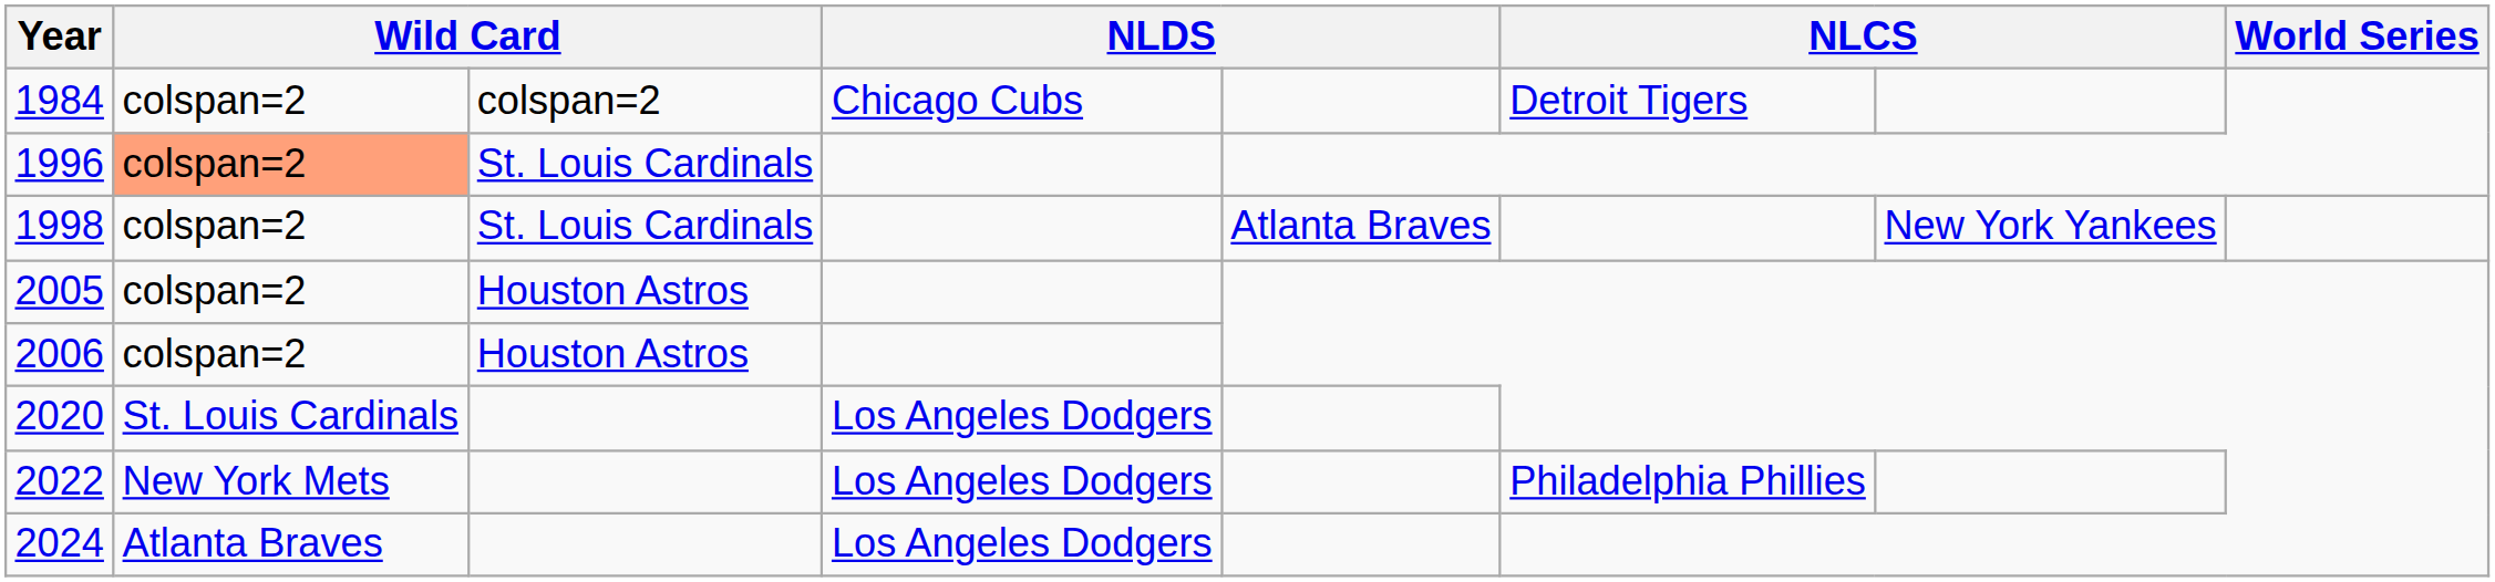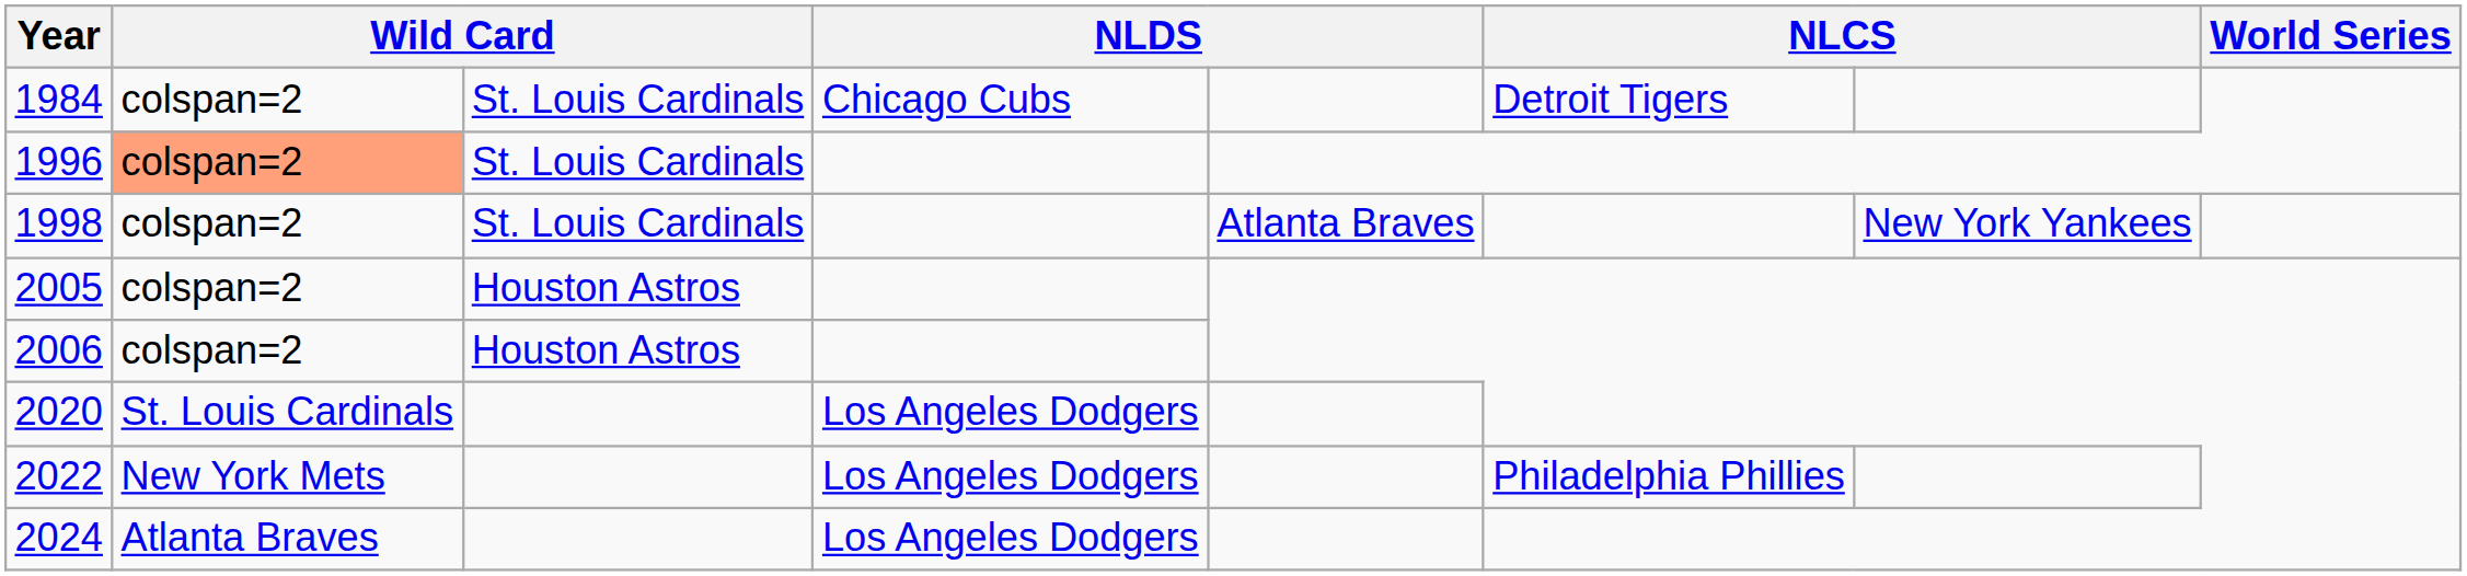 <table class="wikitable">
 <tr>
 <th>Year</th>
 <th colspan="2"><a href='#'><span>Wild Card</span></a> </th>
 <th colspan="2"><a href='#'><span>NLDS</span></a> </th>
 <th colspan="2"><a href='#'><span>NLCS</span></a></th>
 <th colspan="2"><a href='#'><span>World Series</span></a></th>
 </tr>
 <tr>
 <td align="center"><a href='#'>1984</a></td>
 <td>colspan=2 </td>
-<td>colspan=2 </td>
+<td><a href='#'>St. Louis Cardinals</a></td>
 <td><a href='#'>Chicago Cubs</a></td>
 <td></td>
 <td><a href='#'>Detroit Tigers</a></td>
 <td></td>
 </tr>
 <tr>
 <td align="center"><a href='#'>1996</a></td>
 <td style="background: lightsalmon;">colspan=2 </td>
 <td><a href='#'>St. Louis Cardinals</a></td>
 <td></td>
 </tr>
 <tr>
 <td align="center"><a href='#'>1998</a></td>
 <td>colspan=2 </td>
 <td><a href='#'>St. Louis Cardinals</a></td>
 <td></td>
 <td><a href='#'>Atlanta Braves</a></td>
 <td></td>
 <td><a href='#'>New York Yankees</a></td>
 <td></td>
 </tr>
 <tr>
 <td align="center"><a href='#'>2005</a></td>
 <td>colspan=2 </td>
 <td><a href='#'>Houston Astros</a></td>
 <td></td>
 </tr>
 <tr>
 <td align="center"><a href='#'>2006</a></td>
 <td>colspan=2 </td>
 <td><a href='#'>Houston Astros</a></td>
 <td></td>
 </tr>
 <tr>
 <td align="center"><a href='#'>2020</a></td>
 <td><a href='#'>St. Louis Cardinals</a></td>
 <td></td>
 <td><a href='#'>Los Angeles Dodgers</a></td>
 <td></td>
 </tr>
 <tr>
 <td align="center"><a href='#'>2022</a></td>
 <td><a href='#'>New York Mets</a></td>
 <td></td>
 <td><a href='#'>Los Angeles Dodgers</a></td>
 <td></td>
 <td><a href='#'>Philadelphia Phillies</a></td>
 <td></td>
 </tr>
 <tr>
 <td align="center"><a href='#'>2024</a></td>
 <td><a href='#'>Atlanta Braves</a></td>
 <td></td>
 <td><a href='#'>Los Angeles Dodgers</a></td>
 <td></td>
 </tr>
 </table>
